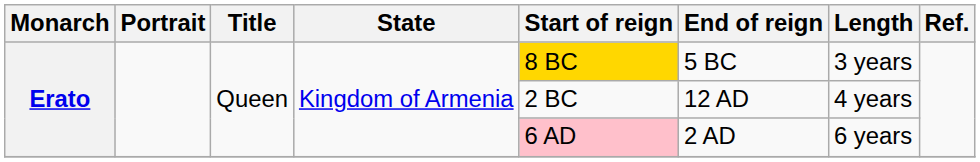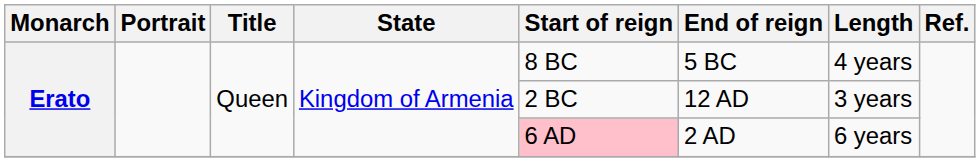 <table class="wikitable sortable">
 <tr>
 <th>Monarch</th>
 <th>Portrait</th>
 <th>Title</th>
 <th>State</th>
 <th>Start of reign</th>
 <th>End of reign</th>
 <th>Length</th>
 <th>Ref.</th>
 </tr>
 <tr>
 <th rowspan="3"><a href='#'>Erato</a></th>
 <td rowspan="3"></td>
 <td rowspan="3">Queen</td>
 <td rowspan="3"><a href='#'>Kingdom of Armenia</a></td>
-<td style="background: gold;">8 BC</td>
+<td>8 BC</td>
 <td>5 BC</td>
-<td>3 years</td>
+<td>4 years</td>
 <td rowspan="3"></td>
 </tr>
 <tr>
 <td>2 BC</td>
 <td>12 AD</td>
-<td>4 years</td>
+<td>3 years</td>
 </tr>
 <tr>
 <td style="background: pink;">6 AD</td>
 <td>2 AD</td>
 <td>6 years</td>
 </tr>
 <tr>
 </tr>
 </table>
